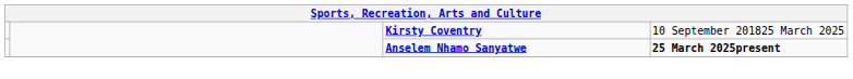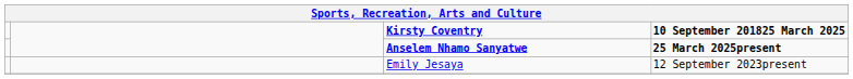 <table class="wikitable">
 <tr>
 <th colspan="4"><a href='#'>Sports, Recreation, Arts and Culture</a></th>
 </tr>
 <tr>
 <td></td>
 <td rowspan="2" style="width: 450px;"></td>
 <td style="width: 320px;"> <strong><a href='#'>Kirsty Coventry</a></strong></td>
-<td>10 September 201825 March 2025</td>
+<td><strong>10 September 201825 March 2025</strong></td>
 </tr>
 <tr>
 <td></td>
 <td style="width: 320px;"> <strong><a href='#'>Anselem Nhamo Sanyatwe</a></strong></td>
 <td><strong>25 March 2025present</strong></td>
 </tr>
 <tr>
+<td style="width: 1px; background: "></td>
+<td style="width: 450px;"></td>
+<td style="width: 320px;"> <a href='#'>Emily Jesaya</a></td>
+<td>12 September 2023present</td>
+</tr>
+<tr>
 </tr>
 </table>
